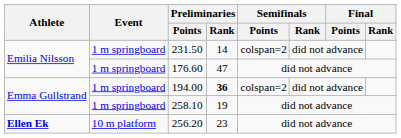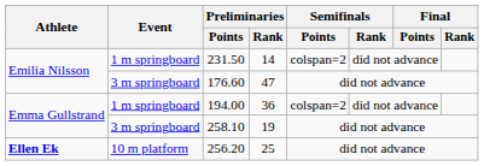 <table class=wikitable style="font-size:90%;">
 <tr>
 <th rowspan="2">Athlete</th>
 <th rowspan="2">Event</th>
 <th colspan="2">Preliminaries</th>
 <th colspan="2">Semifinals</th>
 <th colspan="2">Final</th>
 </tr>
 <tr style="font-size:95%">
 <th>Points</th>
 <th>Rank</th>
 <th>Points</th>
 <th>Rank</th>
 <th>Points</th>
 <th>Rank</th>
 </tr>
 <tr align=center>
 <td align=left rowspan=2><a href='#'>Emilia Nilsson</a></td>
 <td align=left><a href='#'>1 m springboard</a></td>
 <td>231.50</td>
 <td>14</td>
 <td>colspan=2 </td>
 <td colspan=2>did not advance</td>
 </tr>
 <tr align=center>
-<td align=left><a href='#'>1 m springboard</a></td>
+<td align=left><a href='#'>3 m springboard</a></td>
 <td>176.60</td>
 <td>47</td>
 <td colspan=4>did not advance</td>
 </tr>
 <tr align=center>
 <td align=left rowspan=2><a href='#'>Emma Gullstrand</a></td>
 <td align=left><a href='#'>1 m springboard</a></td>
 <td>194.00</td>
-<td><strong>36</strong></td>
+<td>36</td>
 <td>colspan=2 </td>
 <td colspan=2>did not advance</td>
 </tr>
 <tr align=center>
-<td align=left><a href='#'>1 m springboard</a></td>
+<td align=left><a href='#'>3 m springboard</a></td>
 <td>258.10</td>
 <td>19</td>
 <td colspan=4>did not advance</td>
 </tr>
 <tr align=center>
 <td align=left><strong><a href='#'>Ellen Ek</a></strong></td>
 <td align=left rowspan=2><a href='#'>10 m platform</a></td>
 <td>256.20</td>
-<td>23</td>
+<td>25</td>
 <td colspan=4>did not advance</td>
 </tr>
 </table>
